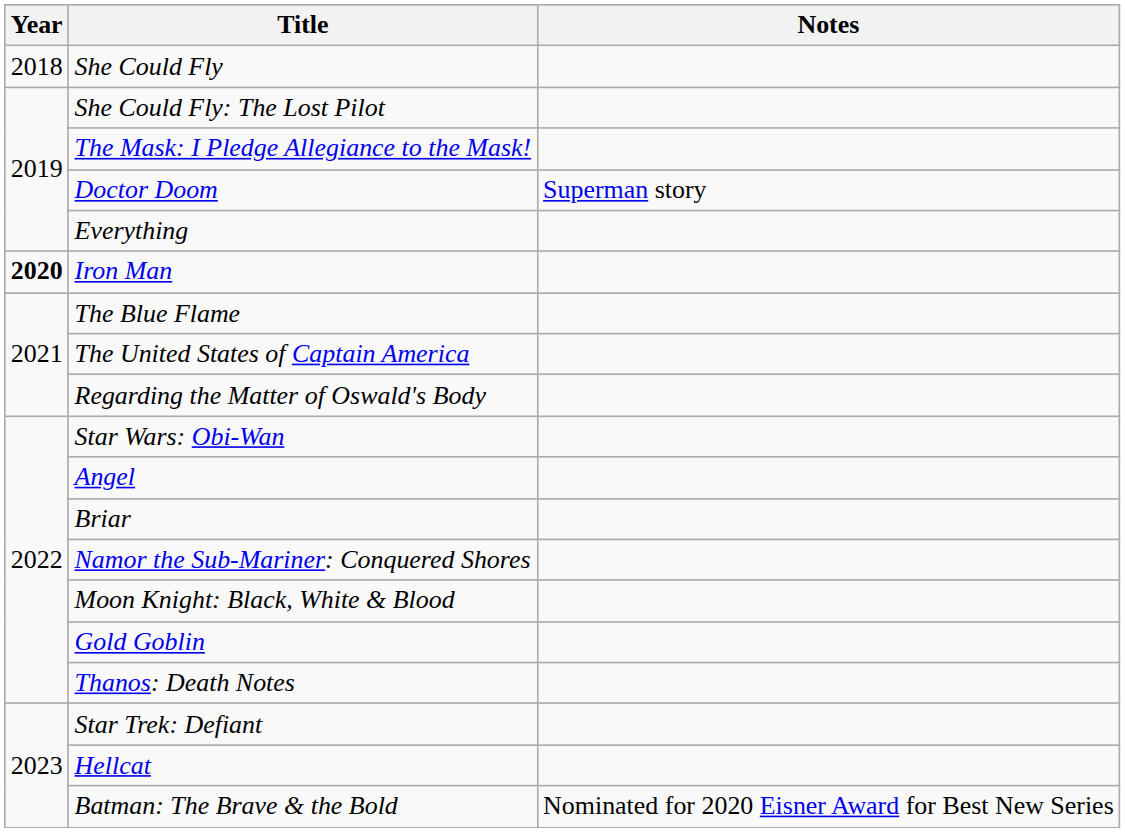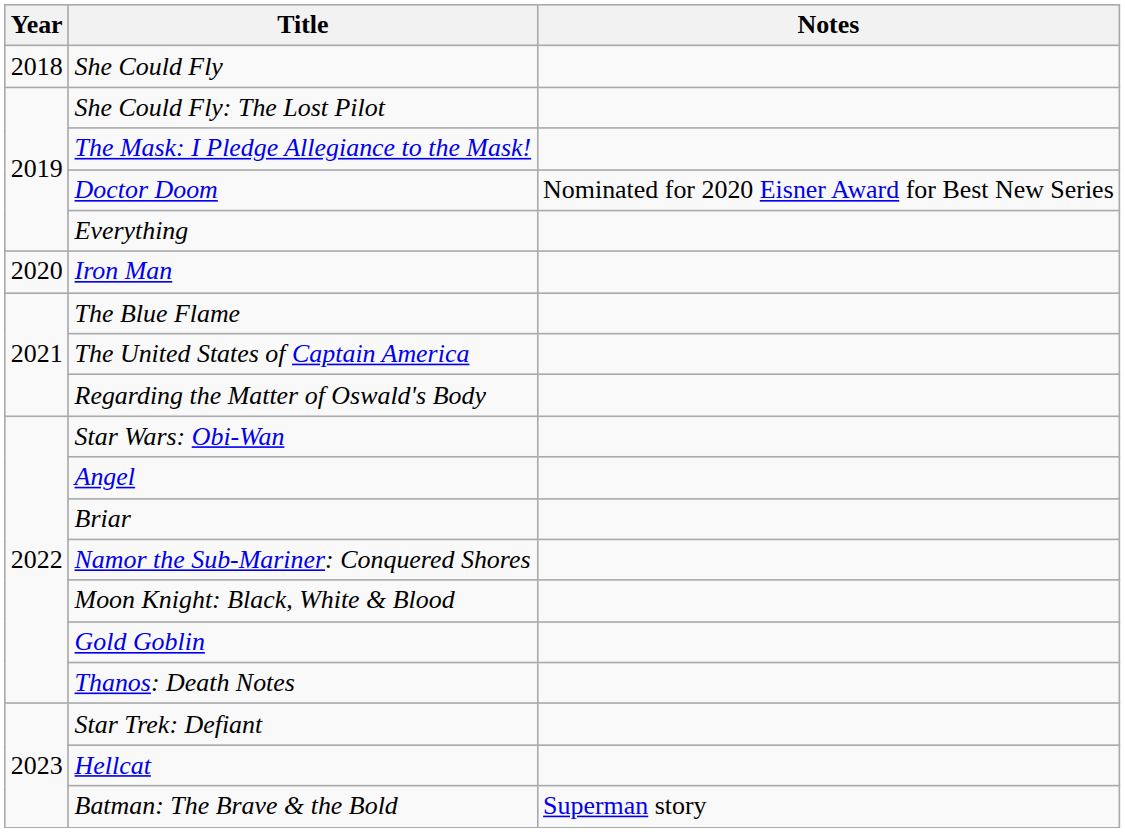 <table class="wikitable sortable">
 <tr>
 <th scope="col" class="unsortable">Year</th>
 <th scope="col" class="unsortable">Title</th>
 <th scope="col" class="unsortable">Notes</th>
 </tr>
 <tr>
 <td>2018</td>
 <td><em>She Could Fly</em></td>
 <td></td>
 </tr>
 <tr>
 <td rowspan="4">2019</td>
 <td><em>She Could Fly: The Lost Pilot</em></td>
 <td></td>
 </tr>
 <tr>
 <td><em><a href='#'>The Mask: I Pledge Allegiance to the Mask!</a></em></td>
 <td></td>
 </tr>
 <tr>
 <td><em><a href='#'>Doctor Doom</a></em></td>
-<td><a href='#'>Superman</a> story</td>
+<td>Nominated for 2020 <a href='#'>Eisner Award</a> for Best New Series</td>
 </tr>
 <tr>
 <td><em>Everything</em></td>
 <td></td>
 </tr>
 <tr>
-<td><strong>2020</strong></td>
+<td>2020</td>
 <td><em><a href='#'>Iron Man</a></em></td>
 <td></td>
 </tr>
 <tr>
 <td rowspan="3">2021</td>
 <td><em>The Blue Flame</em></td>
 <td></td>
 </tr>
 <tr>
 <td><em>The United States of <a href='#'>Captain America</a></em></td>
 <td></td>
 </tr>
 <tr>
 <td><em>Regarding the Matter of Oswald's Body</em></td>
 <td></td>
 </tr>
 <tr>
 <td rowspan="7">2022</td>
 <td><em>Star Wars: <a href='#'>Obi-Wan</a></em></td>
 <td></td>
 </tr>
 <tr>
 <td><em><a href='#'>Angel</a></em></td>
 <td></td>
 </tr>
 <tr>
 <td><em>Briar</em></td>
 <td></td>
 </tr>
 <tr>
 <td><em><a href='#'>Namor the Sub-Mariner</a>: Conquered Shores</em></td>
 <td></td>
 </tr>
 <tr>
 <td><em>Moon Knight: Black, White & Blood</em></td>
 <td></td>
 </tr>
 <tr>
 <td><em><a href='#'>Gold Goblin</a></em></td>
 <td></td>
 </tr>
 <tr>
 <td><em><a href='#'>Thanos</a>: Death Notes</em></td>
 <td></td>
 </tr>
 <tr>
 <td rowspan="3">2023</td>
 <td><em>Star Trek: Defiant</em></td>
 <td></td>
 </tr>
 <tr>
 <td><em><a href='#'>Hellcat</a></em></td>
 <td></td>
 </tr>
 <tr>
 <td><em>Batman: The Brave & the Bold</em></td>
-<td>Nominated for 2020 <a href='#'>Eisner Award</a> for Best New Series</td>
+<td><a href='#'>Superman</a> story</td>
 </tr>
 </table>
